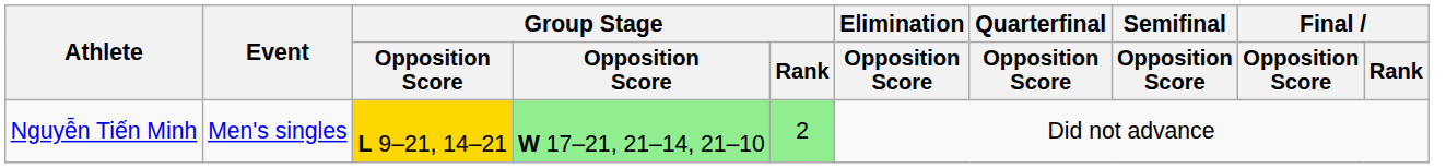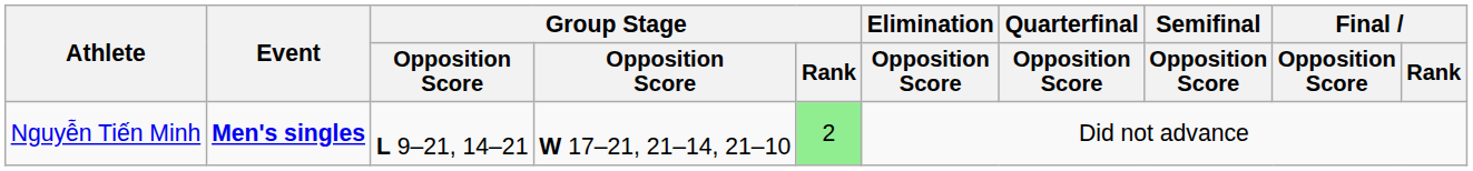 <table class="wikitable" style="font-size:90%">
 <tr>
 <th rowspan=2>Athlete</th>
 <th rowspan=2>Event</th>
 <th colspan=3>Group Stage</th>
 <th>Elimination</th>
 <th>Quarterfinal</th>
 <th>Semifinal</th>
 <th colspan=2>Final / </th>
 </tr>
 <tr style="font-size:95%">
 <th>Opposition<br>Score</th>
 <th>Opposition<br>Score</th>
 <th>Rank</th>
 <th>Opposition<br>Score</th>
 <th>Opposition<br>Score</th>
 <th>Opposition<br>Score</th>
 <th>Opposition<br>Score</th>
 <th>Rank</th>
 </tr>
 <tr align=center>
 <td align=left><a href='#'>Nguyễn Tiến Minh</a></td>
-<td align=left><a href='#'>Men's singles</a></td>
-<td style="background: gold;"> <br><strong>L</strong> 9–21, 14–21</td>
-<td style="background: lightgreen;"> <br> <strong>W</strong> 17–21, 21–14, 21–10</td>
+<td align=left><strong><a href='#'>Men's singles</a></strong></td>
+<td> <br><strong>L</strong> 9–21, 14–21</td>
+<td> <br> <strong>W</strong> 17–21, 21–14, 21–10</td>
 <td style="background: lightgreen;">2</td>
 <td colspan=5>Did not advance</td>
 </tr>
 </table>
